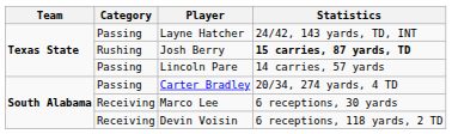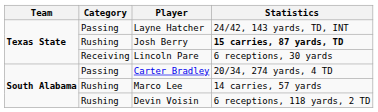 <table class="wikitable" style="float: left;">
 <tr>
 <th>Team</th>
 <th>Category</th>
 <th>Player</th>
 <th>Statistics</th>
 </tr>
 <tr>
 <td rowspan=3><strong>Texas State</strong></td>
 <td>Passing</td>
 <td>Layne Hatcher</td>
 <td>24/42, 143 yards, TD, INT</td>
 </tr>
 <tr>
 <td>Rushing</td>
 <td>Josh Berry</td>
 <td><strong>15 carries, 87 yards, TD</strong></td>
 </tr>
 <tr>
-<td>Passing</td>
+<td>Receiving</td>
 <td>Lincoln Pare</td>
-<td>14 carries, 57 yards</td>
+<td>6 receptions, 30 yards</td>
 </tr>
 <tr>
 <td rowspan=3><strong>South Alabama</strong></td>
 <td>Passing</td>
 <td><a href='#'>Carter Bradley</a></td>
 <td>20/34, 274 yards, 4 TD</td>
 </tr>
 <tr>
-<td>Receiving</td>
+<td>Rushing</td>
 <td>Marco Lee</td>
-<td>6 receptions, 30 yards</td>
+<td>14 carries, 57 yards</td>
 </tr>
 <tr>
-<td>Receiving</td>
+<td>Rushing</td>
 <td>Devin Voisin</td>
 <td>6 receptions, 118 yards, 2 TD</td>
 </tr>
 </table>
